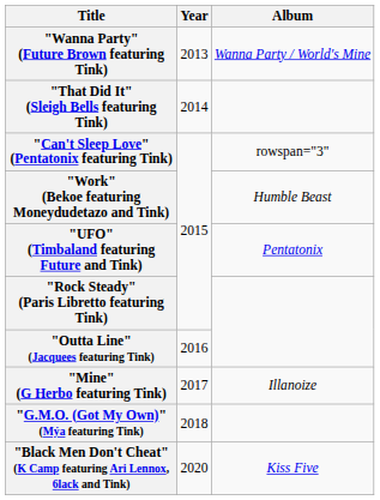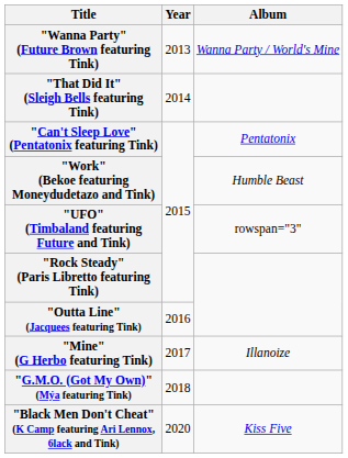 <table class="wikitable plainrowheaders" style="text-align:center;">
 <tr>
 <th scope="col" rowspan="1" style="width:12em;">Title</th>
 <th scope="col" rowspan="1">Year</th>
 <th scope="col" rowspan="1">Album</th>
 </tr>
 <tr>
 <th scope="row">"Wanna Party"<br><span>(<a href='#'>Future Brown</a> featuring Tink)</span></th>
 <td>2013</td>
 <td><em><a href='#'>Wanna Party / World's Mine</a></em></td>
 </tr>
 <tr>
 <th scope="row">"That Did It"<br><span>(<a href='#'>Sleigh Bells</a> featuring Tink)</span></th>
 <td>2014</td>
 <td></td>
 </tr>
 <tr>
 <th scope="row">"<a href='#'>Can't Sleep Love</a>"<br><span>(<a href='#'>Pentatonix</a> featuring Tink)</span></th>
 <td rowspan="4">2015</td>
-<td>rowspan="3" </td>
+<td><em><a href='#'>Pentatonix</a></em></td>
 </tr>
 <tr>
 <th scope="row">"Work"<br><span>(Bekoe featuring Moneydudetazo and Tink)</span></th>
 <td><em>Humble Beast</em></td>
 </tr>
 <tr>
 <th scope="row">"UFO"<br><span>(<a href='#'>Timbaland</a> featuring <a href='#'>Future</a> and Tink)</span></th>
-<td><em><a href='#'>Pentatonix</a></em></td>
+<td>rowspan="3" </td>
 </tr>
 <tr>
 <th scope="row">"Rock Steady"<br><span>(Paris Libretto featuring Tink)</span></th>
 </tr>
 <tr>
 <th scope="row">"Outta Line"<br><small>(<a href='#'>Jacquees</a> featuring Tink)</small></th>
 <td>2016</td>
 </tr>
 <tr>
 <th scope="row">"Mine"<br><span>(<a href='#'>G Herbo</a> featuring Tink)</span></th>
 <td>2017</td>
 <td><em>Illanoize</em></td>
 </tr>
 <tr>
 <th scope="row">"<a href='#'>G.M.O. (Got My Own)</a>" <small>(<a href='#'>Mýa</a> featuring Tink)</small></th>
 <td>2018</td>
 <td></td>
 </tr>
 <tr>
 <th scope="row">"Black Men Don't Cheat" <small>(<a href='#'>K Camp</a> featuring <a href='#'>Ari Lennox</a>, <a href='#'>6lack</a> and Tink)</small></th>
 <td>2020</td>
 <td><em><a href='#'>Kiss Five</a></em></td>
 </tr>
 </table>
